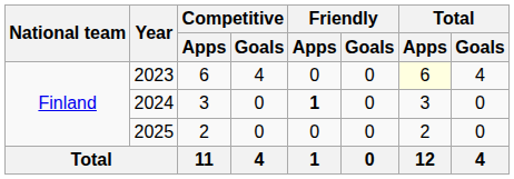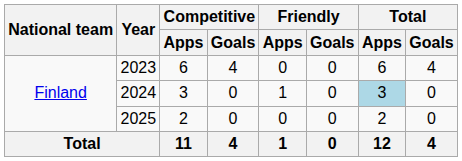 <table class="wikitable" style="text-align:center">
 <tr>
 <th rowspan="2">National team</th>
 <th rowspan="2">Year</th>
 <th colspan="2">Competitive</th>
 <th colspan="2">Friendly</th>
 <th colspan="2">Total</th>
 </tr>
 <tr>
 <th>Apps</th>
 <th>Goals</th>
 <th>Apps</th>
 <th>Goals</th>
 <th>Apps</th>
 <th>Goals</th>
 </tr>
 <tr>
 <td rowspan=3><a href='#'>Finland</a></td>
 <td>2023</td>
 <td>6</td>
 <td>4</td>
 <td>0</td>
 <td>0</td>
-<td style="background: lightyellow;">6</td>
+<td>6</td>
 <td>4</td>
 </tr>
 <tr>
 <td>2024</td>
 <td>3</td>
 <td>0</td>
-<td><strong>1</strong></td>
+<td>1</td>
 <td>0</td>
-<td>3</td>
+<td style="background: lightblue;">3</td>
 <td>0</td>
 </tr>
 <tr>
 <td>2025</td>
 <td>2</td>
 <td>0</td>
 <td>0</td>
 <td>0</td>
 <td>2</td>
 <td>0</td>
 </tr>
 <tr>
 <th colspan=2>Total</th>
 <th>11</th>
 <th>4</th>
 <th>1</th>
 <th>0</th>
 <th>12</th>
 <th>4</th>
 </tr>
 </table>
